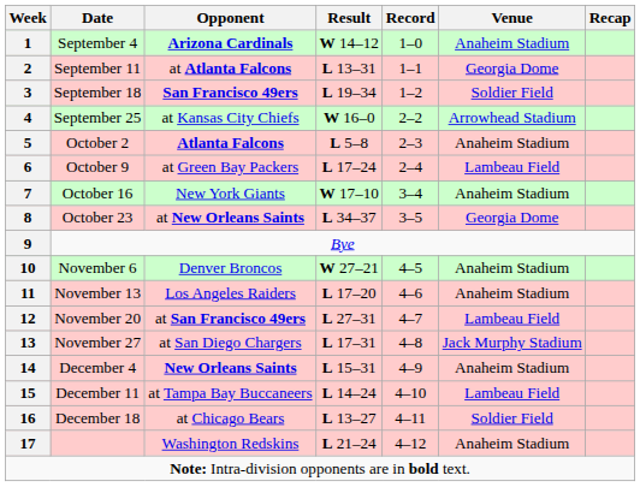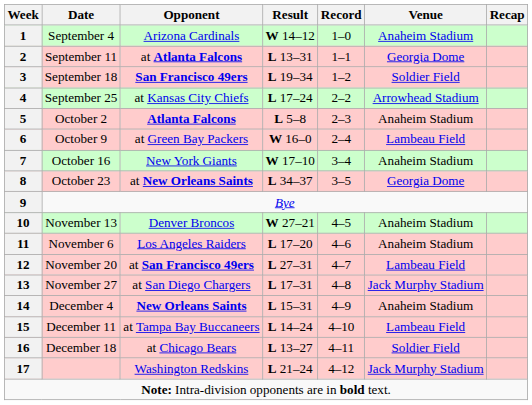 <table class="wikitable" style="text-align:center">
 <tr>
 <th>Week</th>
 <th>Date</th>
 <th>Opponent</th>
 <th>Result</th>
 <th>Record</th>
 <th>Venue</th>
 <th>Recap</th>
 </tr>
 <tr style="background:#cfc">
 <th>1</th>
 <td>September 4</td>
-<td><strong><a href='#'>Arizona Cardinals</a></strong></td>
+<td><a href='#'>Arizona Cardinals</a></td>
 <td><strong>W</strong> 14–12</td>
 <td>1–0</td>
 <td><a href='#'>Anaheim Stadium</a></td>
 <td></td>
 </tr>
 <tr style="background:#fcc">
 <th>2</th>
 <td>September 11</td>
 <td>at  <strong><a href='#'>Atlanta Falcons</a></strong></td>
 <td><strong>L</strong> 13–31</td>
 <td>1–1</td>
 <td><a href='#'>Georgia Dome</a></td>
 <td></td>
 </tr>
 <tr style="background:#fcc">
 <th>3</th>
 <td>September 18</td>
 <td><strong><a href='#'>San Francisco 49ers</a></strong></td>
 <td><strong>L</strong> 19–34</td>
 <td>1–2</td>
 <td><a href='#'>Soldier Field</a></td>
 <td></td>
 </tr>
 <tr style="background:#cfc">
 <th>4</th>
 <td>September 25</td>
 <td>at  <a href='#'>Kansas City Chiefs</a></td>
-<td><strong>W</strong> 16–0</td>
+<td><strong>L</strong> 17–24</td>
 <td>2–2</td>
 <td><a href='#'>Arrowhead Stadium</a></td>
 <td></td>
 </tr>
 <tr style="background:#fcc">
 <th>5</th>
 <td>October 2</td>
 <td><strong><a href='#'>Atlanta Falcons</a></strong></td>
 <td><strong>L</strong>  5–8</td>
 <td>2–3</td>
 <td>Anaheim Stadium</td>
 <td></td>
 </tr>
 <tr style="background:#fcc">
 <th>6</th>
 <td>October 9</td>
 <td>at <a href='#'>Green Bay Packers</a></td>
-<td><strong>L</strong> 17–24</td>
+<td><strong>W</strong> 16–0</td>
 <td>2–4</td>
 <td><a href='#'>Lambeau Field</a></td>
 <td></td>
 </tr>
 <tr align="center" bgcolor="#cfc">
 <th>7</th>
 <td>October 16</td>
 <td><a href='#'>New York Giants</a></td>
 <td><strong>W</strong> 17–10</td>
 <td>3–4</td>
 <td>Anaheim Stadium</td>
 <td></td>
 </tr>
 <tr style="background:#fcc">
 <th>8</th>
 <td>October 23</td>
 <td>at  <strong><a href='#'>New Orleans Saints</a></strong></td>
 <td><strong>L</strong> 34–37</td>
 <td>3–5</td>
 <td><a href='#'>Georgia Dome</a></td>
 <td></td>
 </tr>
 <tr>
 <th>9</th>
 <td align="center"  colspan=6><em><a href='#'>Bye</a></em></td>
 </tr>
 <tr style="background:#cfc">
 <th>10</th>
-<td>November 6</td>
+<td>November 13</td>
 <td><a href='#'>Denver Broncos</a></td>
 <td><strong>W</strong> 27–21</td>
 <td>4–5</td>
 <td>Anaheim Stadium</td>
 <td></td>
 </tr>
 <tr style="background:#fcc">
 <th>11</th>
-<td>November 13</td>
+<td>November 6</td>
 <td><a href='#'>Los Angeles Raiders</a></td>
 <td><strong>L</strong> 17–20</td>
 <td>4–6</td>
 <td>Anaheim Stadium</td>
 <td></td>
 </tr>
 <tr style="background:#fcc">
 <th>12</th>
 <td>November 20</td>
 <td>at <strong> <a href='#'>San Francisco 49ers</a></strong></td>
 <td><strong>L</strong> 27–31</td>
 <td>4–7</td>
 <td><a href='#'>Lambeau Field</a></td>
 <td></td>
 </tr>
 <tr style="background:#fcc">
 <th>13</th>
 <td>November 27</td>
 <td>at <a href='#'>San Diego Chargers</a></td>
 <td><strong>L</strong> 17–31</td>
 <td>4–8</td>
 <td><a href='#'>Jack Murphy Stadium</a></td>
 <td></td>
 </tr>
 <tr style="background:#fcc">
 <th>14</th>
 <td>December 4</td>
 <td><strong><a href='#'>New Orleans Saints</a></strong></td>
 <td><strong>L</strong> 15–31</td>
 <td>4–9</td>
 <td>Anaheim Stadium</td>
 <td></td>
 </tr>
 <tr align="center" style="background: #fcc">
 <th>15</th>
 <td>December 11</td>
 <td>at <a href='#'>Tampa Bay Buccaneers</a></td>
 <td><strong>L</strong> 14–24</td>
 <td>4–10</td>
 <td><a href='#'>Lambeau Field</a></td>
 <td></td>
 </tr>
 <tr style="background:#fcc">
 <th>16</th>
 <td>December 18</td>
 <td>at  <a href='#'>Chicago Bears</a></td>
 <td><strong>L</strong> 13–27</td>
 <td>4–11</td>
 <td><a href='#'>Soldier Field</a></td>
 <td></td>
 </tr>
 <tr style="background:#fcc">
 <th>17</th>
 <td></td>
 <td><a href='#'>Washington Redskins</a></td>
 <td><strong>L</strong> 21–24</td>
 <td>4–12</td>
-<td>Anaheim Stadium</td>
+<td><a href='#'>Jack Murphy Stadium</a></td>
 <td></td>
 </tr>
 <tr>
 <td colspan="8"><strong>Note:</strong> Intra-division opponents are in <strong>bold</strong> text.</td>
 </tr>
 </table>
